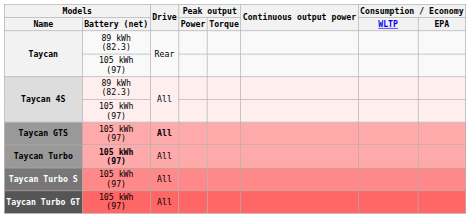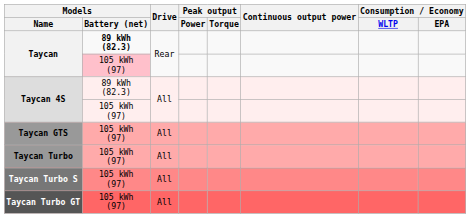 <table class="wikitable sortable" style="font-size:100%;text-align:center;">
 <tr>
 <th colspan=2>Models</th>
 <th rowspan=2>Drive</th>
 <th colspan=2>Peak output</th>
 <th rowspan=2>Continuous output power</th>
 <th colspan=2>Consumption / Economy</th>
 </tr>
 <tr>
 <th>Name</th>
 <th>Battery (net)</th>
 <th>Power</th>
 <th>Torque</th>
 <th><a href='#'>WLTP</a></th>
 <th>EPA</th>
 </tr>
 <tr>
 <th rowspan=2>Taycan</th>
-<td>89 kWh<br>(82.3)</td>
+<td><strong>89 kWh<br>(82.3)</strong></td>
 <td rowspan=2>Rear</td>
 <td></td>
 <td></td>
 <td></td>
 <td></td>
 <td></td>
 </tr>
 <tr>
-<td>105 kWh<br>(97)</td>
+<td style="background: pink;">105 kWh<br>(97)</td>
 <td></td>
 <td></td>
 <td></td>
 <td></td>
 <td></td>
 </tr>
 <tr style="background:#fee;">
 <th rowspan=2 style="background:#ddd;">Taycan 4S</th>
 <td>89 kWh<br>(82.3)</td>
 <td rowspan=2>All</td>
 <td></td>
 <td></td>
 <td></td>
 <td></td>
 <td></td>
 </tr>
 <tr style="background:#fee;">
 <td>105 kWh<br>(97)</td>
 <td></td>
 <td></td>
 <td></td>
 <td></td>
 <td></td>
 </tr>
 <tr style="background:#faa;">
 <th style="background:#999;">Taycan GTS</th>
 <td>105 kWh<br>(97)</td>
-<td><strong>All</strong></td>
+<td>All</td>
 <td></td>
 <td></td>
 <td></td>
 <td></td>
 <td></td>
 </tr>
 <tr style="background:#faa;">
 <th style="background:#999;">Taycan Turbo</th>
-<td><strong>105 kWh<br>(97)</strong></td>
+<td>105 kWh<br>(97)</td>
 <td>All</td>
 <td></td>
 <td></td>
 <td></td>
 <td></td>
 <td></td>
 </tr>
 <tr style="background:#f88;">
 <th style="background:#777;color:#fff;">Taycan Turbo S</th>
 <td>105 kWh<br>(97)</td>
 <td>All</td>
 <td></td>
 <td></td>
 <td></td>
 <td></td>
 <td></td>
 </tr>
 <tr style="background:#f66;">
 <th style="background:#555;color:#fff;">Taycan Turbo GT</th>
 <td>105 kWh<br>(97)</td>
 <td>All</td>
 <td></td>
 <td></td>
 <td></td>
 <td></td>
 <td></td>
 </tr>
 </table>
